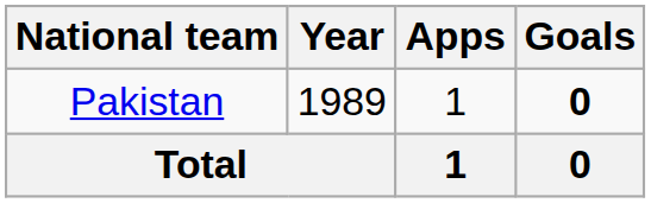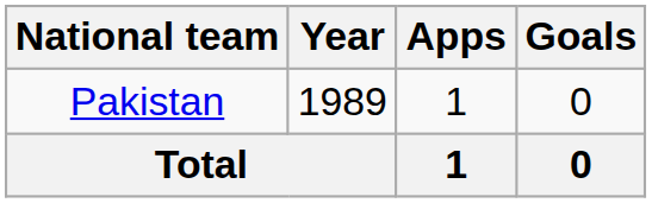 <table class="wikitable" style="text-align: center;">
 <tr>
 <th>National team</th>
 <th>Year</th>
 <th>Apps</th>
 <th>Goals</th>
 </tr>
 <tr>
 <td><a href='#'>Pakistan</a></td>
 <td>1989</td>
 <td>1</td>
-<td><strong>0</strong></td>
+<td>0</td>
 </tr>
 <tr>
 <th colspan="2">Total</th>
 <th>1</th>
 <th>0</th>
 </tr>
 </table>
